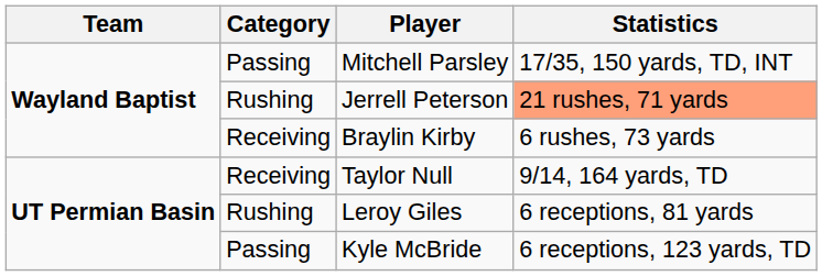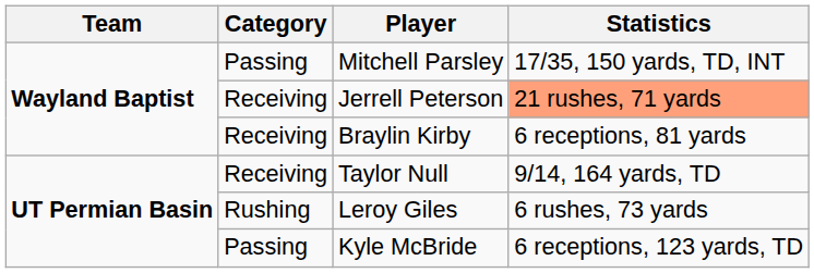 <table class="wikitable" style="float: right;">
 <tr>
 <th>Team</th>
 <th>Category</th>
 <th>Player</th>
 <th>Statistics</th>
 </tr>
 <tr>
 <td rowspan=3><strong>Wayland Baptist</strong></td>
 <td>Passing</td>
 <td>Mitchell Parsley</td>
 <td>17/35, 150 yards, TD, INT</td>
 </tr>
 <tr>
-<td>Rushing</td>
+<td>Receiving</td>
 <td>Jerrell Peterson</td>
 <td style="background: lightsalmon;">21 rushes, 71 yards</td>
 </tr>
 <tr>
 <td>Receiving</td>
 <td>Braylin Kirby</td>
-<td>6 rushes, 73 yards</td>
+<td>6 receptions, 81 yards</td>
 </tr>
 <tr>
 <td rowspan=3><strong>UT Permian Basin</strong></td>
 <td>Receiving</td>
 <td>Taylor Null</td>
 <td>9/14, 164 yards, TD</td>
 </tr>
 <tr>
 <td>Rushing</td>
 <td>Leroy Giles</td>
-<td>6 receptions, 81 yards</td>
+<td>6 rushes, 73 yards</td>
 </tr>
 <tr>
 <td>Passing</td>
 <td>Kyle McBride</td>
 <td>6 receptions, 123 yards, TD</td>
 </tr>
 </table>
